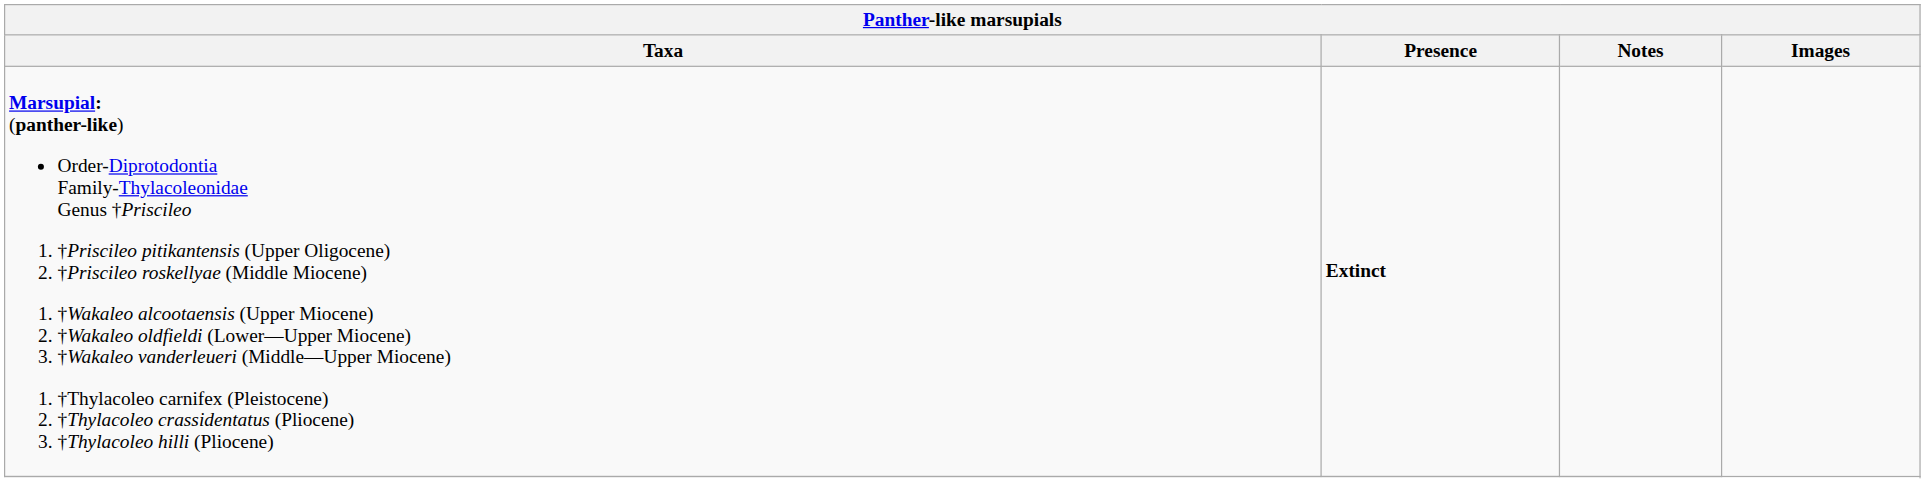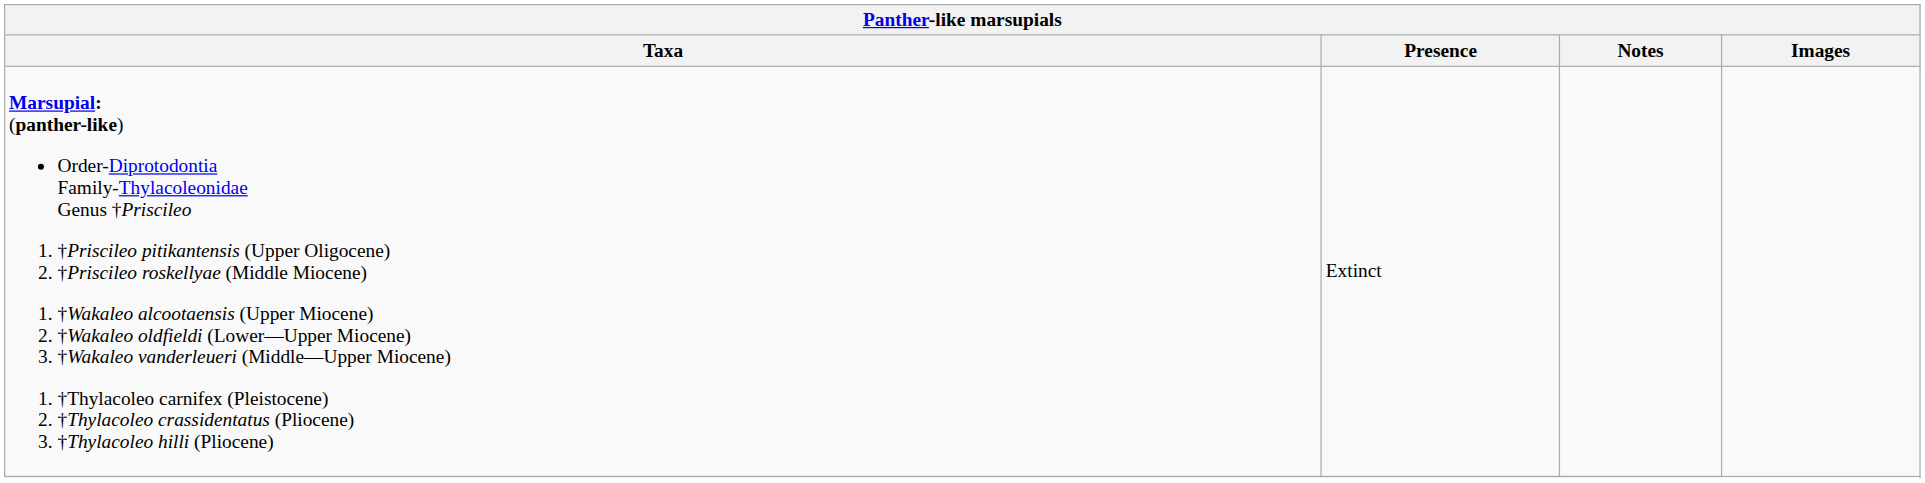 <table class="wikitable" align="center" width="100%">
 <tr>
 <th colspan="5" align="center"><strong><a href='#'>Panther</a>-like marsupials</strong></th>
 </tr>
 <tr>
 <th>Taxa</th>
 <th>Presence</th>
 <th>Notes</th>
 <th>Images</th>
 </tr>
 <tr>
 <td><br><strong><a href='#'>Marsupial</a>:</strong><br>(<strong>panther-like</strong>)<ul><li>Order-<a href='#'>Diprotodontia</a><br>Family-<a href='#'>Thylacoleonidae</a><br>Genus †<em>Priscileo</em></li></ul><ol><li>†<em>Priscileo pitikantensis</em> (Upper Oligocene)</li><li>†<em>Priscileo roskellyae</em> (Middle Miocene)</li></ol><ol><li>†<em>Wakaleo alcootaensis</em> (Upper Miocene)</li><li>†<em>Wakaleo oldfieldi</em> (Lower—Upper Miocene)</li><li>†<em>Wakaleo vanderleueri</em> (Middle—Upper Miocene)</li></ol><ol><li>†Thylacoleo carnifex (Pleistocene)</li><li>†<em>Thylacoleo crassidentatus</em> (Pliocene)</li><li>†<em>Thylacoleo hilli</em> (Pliocene)</li></ol></td>
-<td><strong>Extinct</strong></td>
+<td>Extinct</td>
 <td></td>
 <td rowspan="99"><br></td>
 </tr>
 <tr>
 </tr>
 </table>
